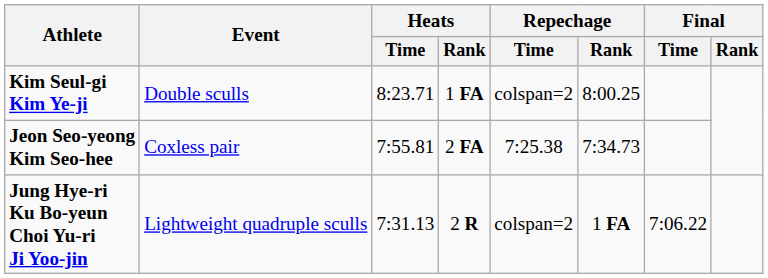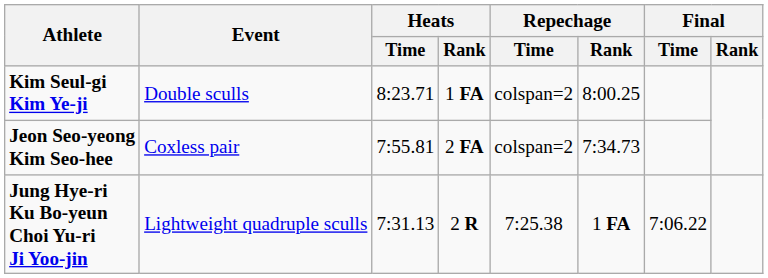 <table class=wikitable style=font-size:90%;text-align:center>
 <tr>
 <th rowspan=2>Athlete</th>
 <th rowspan=2>Event</th>
 <th colspan=2>Heats</th>
 <th colspan=2>Repechage</th>
 <th colspan=2>Final</th>
 </tr>
 <tr style="font-size:95%">
 <th>Time</th>
 <th>Rank</th>
 <th>Time</th>
 <th>Rank</th>
 <th>Time</th>
 <th>Rank</th>
 </tr>
 <tr>
 <td align=left><strong>Kim Seul-gi<br><a href='#'>Kim Ye-ji</a></strong></td>
 <td align=left><a href='#'>Double sculls</a></td>
 <td>8:23.71</td>
 <td>1 <strong>FA</strong></td>
 <td>colspan=2 </td>
 <td>8:00.25</td>
 <td></td>
 </tr>
 <tr>
 <td align=left><strong>Jeon Seo-yeong<br>Kim Seo-hee</strong></td>
 <td align=left><a href='#'>Coxless pair</a></td>
 <td>7:55.81</td>
 <td>2 <strong>FA</strong></td>
-<td>7:25.38</td>
+<td>colspan=2 </td>
 <td>7:34.73</td>
 <td></td>
 </tr>
 <tr>
 <td align=left><strong>Jung Hye-ri<br>Ku Bo-yeun<br>Choi Yu-ri<br><a href='#'>Ji Yoo-jin</a></strong></td>
 <td align=left><a href='#'>Lightweight quadruple sculls</a></td>
 <td>7:31.13</td>
 <td>2 <strong>R</strong></td>
-<td>colspan=2 </td>
+<td>7:25.38</td>
 <td>1 <strong>FA</strong></td>
 <td>7:06.22</td>
 <td></td>
 </tr>
 </table>
